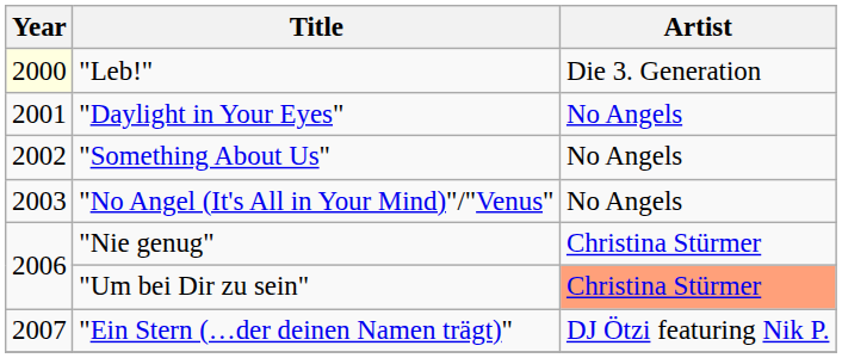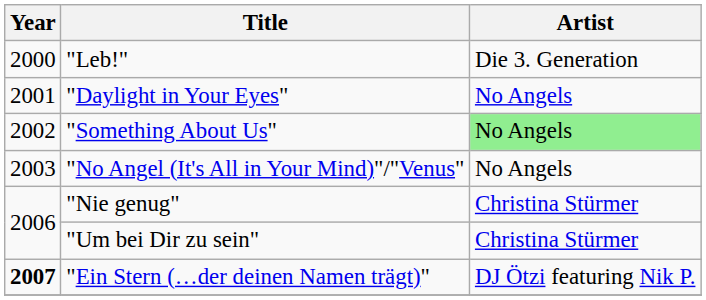 <table class="wikitable">
 <tr>
 <th>Year</th>
 <th>Title</th>
 <th>Artist</th>
 </tr>
 <tr>
-<td style="background: lightyellow;">2000</td>
+<td>2000</td>
 <td>"Leb!"</td>
 <td>Die 3. Generation</td>
 </tr>
 <tr>
 <td>2001</td>
 <td>"<a href='#'>Daylight in Your Eyes</a>"</td>
 <td><a href='#'>No Angels</a></td>
 </tr>
 <tr>
 <td>2002</td>
 <td>"<a href='#'>Something About Us</a>"</td>
-<td>No Angels</td>
+<td style="background: lightgreen;">No Angels</td>
 </tr>
 <tr>
 <td>2003</td>
 <td>"<a href='#'>No Angel (It's All in Your Mind)</a>"/"<a href='#'>Venus</a>"</td>
 <td>No Angels</td>
 </tr>
 <tr>
 <td rowspan="2">2006</td>
 <td>"Nie genug"</td>
 <td><a href='#'>Christina Stürmer</a></td>
 </tr>
 <tr>
 <td>"Um bei Dir zu sein"</td>
-<td style="background: lightsalmon;"><a href='#'>Christina Stürmer</a></td>
+<td><a href='#'>Christina Stürmer</a></td>
 </tr>
 <tr>
-<td>2007</td>
+<td><strong>2007</strong></td>
 <td>"<a href='#'>Ein Stern (…der deinen Namen trägt)</a>"</td>
 <td><a href='#'>DJ Ötzi</a> featuring <a href='#'>Nik P.</a></td>
 </tr>
 <tr>
 </tr>
 </table>
